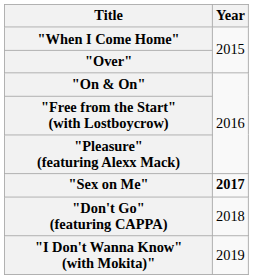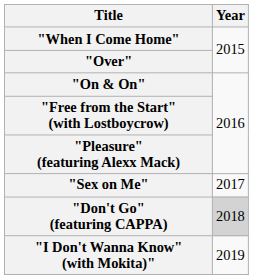 <table class="wikitable plainrowheaders" style="text-align:center;">
 <tr>
 <th scope="col" style="width:14em;">Title</th>
 <th scope="col" style="width:1em;">Year</th>
 </tr>
 <tr>
 <th scope="row">"When I Come Home"</th>
 <td rowspan="2">2015</td>
 </tr>
 <tr>
 <th scope="row">"Over"</th>
 </tr>
 <tr>
 <th scope="row">"On & On"</th>
 <td rowspan="3">2016</td>
 </tr>
 <tr>
 <th scope="row">"Free from the Start"<br><span>(with Lostboycrow)</span></th>
 </tr>
 <tr>
 <th scope="row">"Pleasure"<br><span>(featuring Alexx Mack)</span></th>
 </tr>
 <tr>
 <th scope="row">"Sex on Me"</th>
-<td><strong>2017</strong></td>
+<td>2017</td>
 </tr>
 <tr>
 <th scope="row">"Don't Go"<br><span>(featuring CAPPA)</span></th>
-<td>2018</td>
+<td style="background: lightgrey;">2018</td>
 </tr>
 <tr>
 <th scope="row">"I Don't Wanna Know"<br><span>(with Mokita)</span>" </th>
 <td>2019</td>
 </tr>
 </table>
